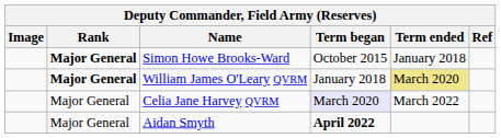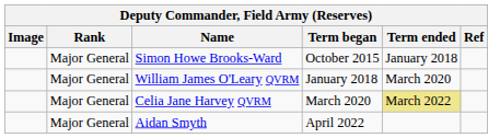 <table class="wikitable">
 <tr>
 <th colspan="6">Deputy Commander, Field Army (Reserves)</th>
 </tr>
 <tr>
 <th>Image</th>
 <th>Rank</th>
 <th>Name</th>
 <th>Term began</th>
 <th>Term ended</th>
 <th>Ref</th>
 </tr>
 <tr>
 <td></td>
-<td><strong>Major General</strong></td>
+<td>Major General</td>
 <td><a href='#'>Simon Howe Brooks-Ward</a> </td>
 <td>October 2015</td>
 <td>January 2018</td>
 <td></td>
 </tr>
 <tr>
 <td></td>
-<td><strong>Major General</strong></td>
+<td>Major General</td>
 <td><a href='#'>William James O'Leary</a> <small><a href='#'>QVRM</a></small> </td>
 <td>January 2018</td>
-<td style="background: khaki;">March 2020</td>
+<td>March 2020</td>
 <td></td>
 </tr>
 <tr>
 <td></td>
 <td>Major General</td>
 <td><a href='#'>Celia Jane Harvey</a>  <small><a href='#'>QVRM</a></small> </td>
-<td style="background: lavender;">March 2020</td>
-<td>March 2022</td>
+<td>March 2020</td>
+<td style="background: khaki;">March 2022</td>
 <td></td>
 </tr>
 <tr>
 <td></td>
 <td>Major General</td>
 <td><a href='#'>Aidan Smyth</a> </td>
-<td><strong>April 2022</strong></td>
+<td>April 2022</td>
 <td></td>
 <td></td>
 </tr>
 </table>
